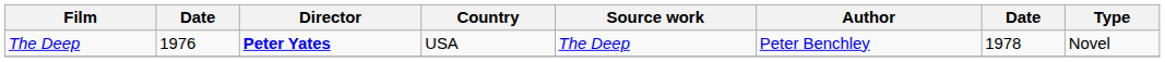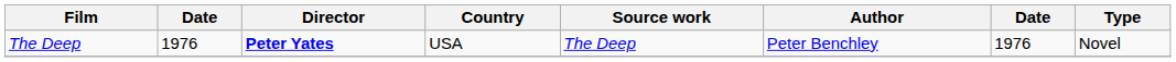 <table class="wikitable" style=width:90%>
 <tr style="background:#CCCCCC;">
 <th>Film</th>
 <th>Date</th>
 <th>Director</th>
 <th>Country</th>
 <th>Source work</th>
 <th>Author</th>
 <th>Date</th>
 <th>Type</th>
 </tr>
 <tr>
 <td><em><a href='#'>The Deep</a></em></td>
 <td>1976</td>
 <td><strong><a href='#'>Peter Yates</a></strong></td>
 <td>USA</td>
 <td><em><a href='#'>The Deep</a></em></td>
 <td><a href='#'>Peter Benchley</a></td>
-<td>1978</td>
+<td>1976</td>
 <td>Novel</td>
 </tr>
 <tr>
 </tr>
 </table>
